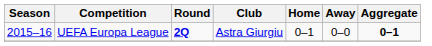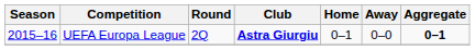 <table class="wikitable">
 <tr>
 <th>Season</th>
 <th>Competition</th>
 <th>Round</th>
 <th>Club</th>
 <th>Home</th>
 <th>Away</th>
 <th>Aggregate</th>
 </tr>
 <tr>
 <td><a href='#'>2015–16</a></td>
 <td><a href='#'>UEFA Europa League</a></td>
-<td><strong><a href='#'>2Q</a></strong></td>
-<td> <a href='#'>Astra Giurgiu</a></td>
+<td><a href='#'>2Q</a></td>
+<td><strong> <a href='#'>Astra Giurgiu</a></strong></td>
 <td style="text-align:center;">0–1</td>
 <td style="text-align:center;">0–0</td>
 <td style="text-align:center;"><strong>0–1</strong></td>
 </tr>
 <tr>
 </tr>
 </table>
